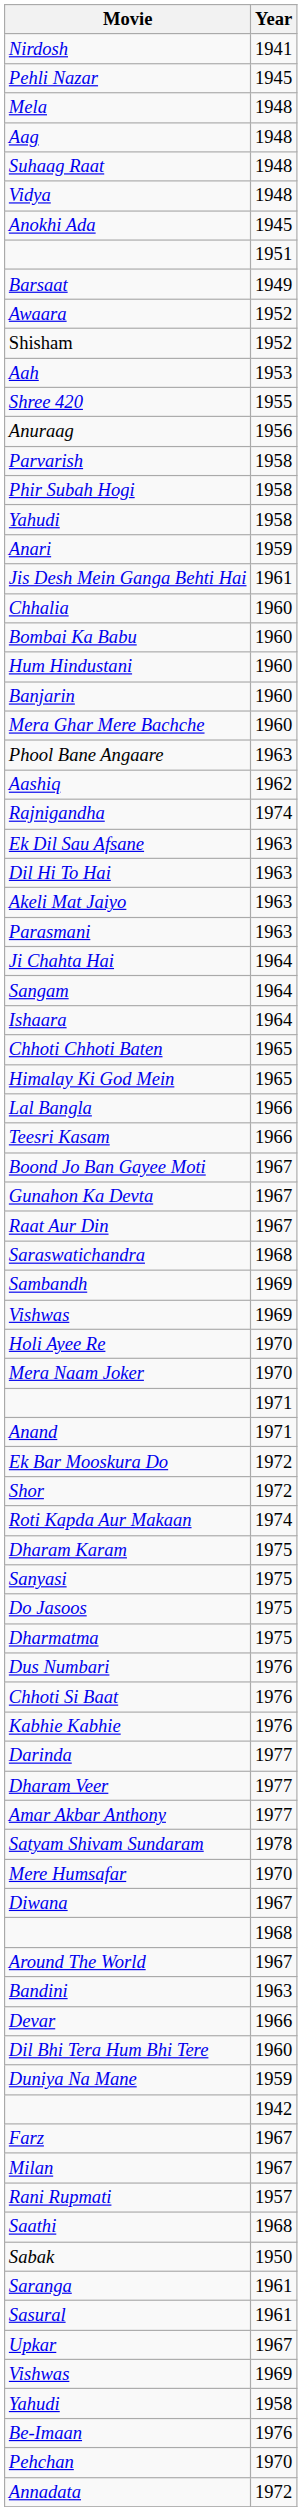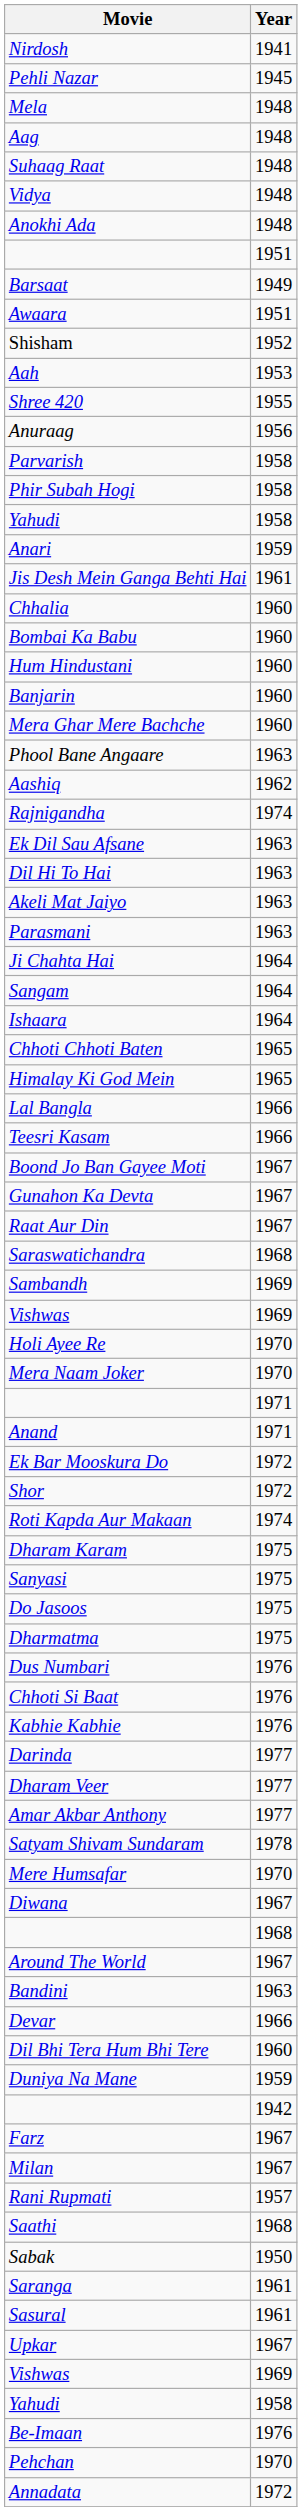 <table class="wikitable sortable">
 <tr>
 <th>Movie</th>
 <th>Year</th>
 </tr>
 <tr>
 <td><em><a href='#'>Nirdosh</a></em></td>
 <td>1941</td>
 </tr>
 <tr>
 <td><em><a href='#'>Pehli Nazar</a></em></td>
 <td>1945</td>
 </tr>
 <tr>
 <td><em><a href='#'>Mela</a></em></td>
 <td>1948</td>
 </tr>
 <tr>
 <td><em><a href='#'>Aag</a></em></td>
 <td>1948</td>
 </tr>
 <tr>
 <td><em><a href='#'>Suhaag Raat</a></em></td>
 <td>1948</td>
 </tr>
 <tr>
 <td><em><a href='#'>Vidya</a></em></td>
 <td>1948</td>
 </tr>
 <tr>
 <td><em><a href='#'>Anokhi Ada</a></em></td>
-<td>1945</td>
+<td>1948</td>
 </tr>
 <tr>
 <td></td>
 <td>1951</td>
 </tr>
 <tr>
 <td><em><a href='#'>Barsaat</a></em></td>
 <td>1949</td>
 </tr>
 <tr>
 <td><em><a href='#'>Awaara</a></em></td>
-<td>1952</td>
+<td>1951</td>
 </tr>
 <tr>
 <td>Shisham</td>
 <td>1952</td>
 </tr>
 <tr>
 <td><em><a href='#'>Aah</a></em></td>
 <td>1953</td>
 </tr>
 <tr>
 <td><em><a href='#'>Shree 420</a></em></td>
 <td>1955</td>
 </tr>
 <tr>
 <td><em>Anuraag</em></td>
 <td>1956</td>
 </tr>
 <tr>
 <td><em><a href='#'>Parvarish</a></em></td>
 <td>1958</td>
 </tr>
 <tr>
 <td><em><a href='#'>Phir Subah Hogi</a></em></td>
 <td>1958</td>
 </tr>
 <tr>
 <td><em><a href='#'>Yahudi </a></em></td>
 <td>1958</td>
 </tr>
 <tr>
 <td><em><a href='#'>Anari</a></em></td>
 <td>1959</td>
 </tr>
 <tr>
 <td><em><a href='#'>Jis Desh Mein Ganga Behti Hai</a></em></td>
 <td>1961</td>
 </tr>
 <tr>
 <td><em><a href='#'>Chhalia</a></em></td>
 <td>1960</td>
 </tr>
 <tr>
 <td><em><a href='#'>Bombai Ka Babu</a></em></td>
 <td>1960</td>
 </tr>
 <tr>
 <td><em><a href='#'>Hum Hindustani</a></em></td>
 <td>1960</td>
 </tr>
 <tr>
 <td><em><a href='#'>Banjarin</a></em></td>
 <td>1960</td>
 </tr>
 <tr>
 <td><em><a href='#'>Mera Ghar Mere Bachche</a></em></td>
 <td>1960</td>
 </tr>
 <tr>
 <td><em>Phool Bane Angaare</em></td>
 <td>1963</td>
 </tr>
 <tr>
 <td><em><a href='#'>Aashiq</a></em></td>
 <td>1962</td>
 </tr>
 <tr>
 <td><em><a href='#'>Rajnigandha</a></em></td>
 <td>1974</td>
 </tr>
 <tr>
 <td><em><a href='#'>Ek Dil Sau Afsane</a></em></td>
 <td>1963</td>
 </tr>
 <tr>
 <td><em><a href='#'>Dil Hi To Hai</a></em></td>
 <td>1963</td>
 </tr>
 <tr>
 <td><em><a href='#'>Akeli Mat Jaiyo</a></em></td>
 <td>1963</td>
 </tr>
 <tr>
 <td><em><a href='#'>Parasmani</a></em></td>
 <td>1963</td>
 </tr>
 <tr>
 <td><em><a href='#'>Ji Chahta Hai</a></em></td>
 <td>1964</td>
 </tr>
 <tr>
 <td><em><a href='#'>Sangam</a></em></td>
 <td>1964</td>
 </tr>
 <tr>
 <td><em><a href='#'>Ishaara</a></em></td>
 <td>1964</td>
 </tr>
 <tr>
 <td><em><a href='#'>Chhoti Chhoti Baten</a></em></td>
 <td>1965</td>
 </tr>
 <tr>
 <td><em><a href='#'>Himalay Ki God Mein</a></em></td>
 <td>1965</td>
 </tr>
 <tr>
 <td><em><a href='#'>Lal Bangla</a></em></td>
 <td>1966</td>
 </tr>
 <tr>
 <td><em><a href='#'>Teesri Kasam</a></em></td>
 <td>1966</td>
 </tr>
 <tr>
 <td><em><a href='#'>Boond Jo Ban Gayee Moti</a></em></td>
 <td>1967</td>
 </tr>
 <tr>
 <td><em><a href='#'>Gunahon Ka Devta</a></em></td>
 <td>1967</td>
 </tr>
 <tr>
 <td><em><a href='#'>Raat Aur Din</a></em></td>
 <td>1967</td>
 </tr>
 <tr>
 <td><em><a href='#'>Saraswatichandra</a></em></td>
 <td>1968</td>
 </tr>
 <tr>
 <td><em><a href='#'>Sambandh</a></em></td>
 <td>1969</td>
 </tr>
 <tr>
 <td><em><a href='#'>Vishwas</a></em></td>
 <td>1969</td>
 </tr>
 <tr>
 <td><em><a href='#'>Holi Ayee Re</a></em></td>
 <td>1970</td>
 </tr>
 <tr>
 <td><em><a href='#'>Mera Naam Joker</a></em></td>
 <td>1970</td>
 </tr>
 <tr>
 <td></td>
 <td>1971</td>
 </tr>
 <tr>
 <td><em><a href='#'>Anand</a></em></td>
 <td>1971</td>
 </tr>
 <tr>
 <td><em><a href='#'>Ek Bar Mooskura Do</a></em></td>
 <td>1972</td>
 </tr>
 <tr>
 <td><em><a href='#'>Shor</a></em></td>
 <td>1972</td>
 </tr>
 <tr>
 <td><em><a href='#'>Roti Kapda Aur Makaan</a></em></td>
 <td>1974</td>
 </tr>
 <tr>
 <td><em><a href='#'>Dharam Karam</a></em></td>
 <td>1975</td>
 </tr>
 <tr>
 <td><em><a href='#'>Sanyasi</a></em></td>
 <td>1975</td>
 </tr>
 <tr>
 <td><em><a href='#'>Do Jasoos</a></em></td>
 <td>1975</td>
 </tr>
 <tr>
 <td><em><a href='#'>Dharmatma</a></em></td>
 <td>1975</td>
 </tr>
 <tr>
 <td><em><a href='#'>Dus Numbari</a></em></td>
 <td>1976</td>
 </tr>
 <tr>
 <td><em><a href='#'>Chhoti Si Baat</a></em></td>
 <td>1976</td>
 </tr>
 <tr>
 <td><em><a href='#'>Kabhie Kabhie</a></em></td>
 <td>1976</td>
 </tr>
 <tr>
 <td><em><a href='#'>Darinda</a></em></td>
 <td>1977</td>
 </tr>
 <tr>
 <td><em><a href='#'>Dharam Veer</a></em></td>
 <td>1977</td>
 </tr>
 <tr>
 <td><em><a href='#'>Amar Akbar Anthony</a></em></td>
 <td>1977</td>
 </tr>
 <tr>
 <td><em><a href='#'>Satyam Shivam Sundaram</a></em></td>
 <td>1978</td>
 </tr>
 <tr>
 <td><em><a href='#'>Mere Humsafar</a></em></td>
 <td>1970</td>
 </tr>
 <tr>
 <td><em><a href='#'>Diwana</a></em></td>
 <td>1967</td>
 </tr>
 <tr>
 <td></td>
 <td>1968</td>
 </tr>
 <tr>
 <td><em><a href='#'>Around The World</a></em></td>
 <td>1967</td>
 </tr>
 <tr>
 <td><em><a href='#'>Bandini</a></em></td>
 <td>1963</td>
 </tr>
 <tr>
 <td><em><a href='#'>Devar</a></em></td>
 <td>1966</td>
 </tr>
 <tr>
 <td><em><a href='#'>Dil Bhi Tera Hum Bhi Tere</a></em></td>
 <td>1960</td>
 </tr>
 <tr>
 <td><em><a href='#'>Duniya Na Mane</a></em></td>
 <td>1959</td>
 </tr>
 <tr>
 <td></td>
 <td>1942</td>
 </tr>
 <tr>
 <td><em><a href='#'>Farz</a></em></td>
 <td>1967</td>
 </tr>
 <tr>
 <td><em><a href='#'>Milan</a></em></td>
 <td>1967</td>
 </tr>
 <tr>
 <td><em><a href='#'>Rani Rupmati</a></em></td>
 <td>1957</td>
 </tr>
 <tr>
 <td><em><a href='#'>Saathi</a></em></td>
 <td>1968</td>
 </tr>
 <tr>
 <td><em>Sabak</em></td>
 <td>1950</td>
 </tr>
 <tr>
 <td><em><a href='#'>Saranga</a></em></td>
 <td>1961</td>
 </tr>
 <tr>
 <td><em><a href='#'>Sasural</a></em></td>
 <td>1961</td>
 </tr>
 <tr>
 <td><em><a href='#'>Upkar</a></em></td>
 <td>1967</td>
 </tr>
 <tr>
 <td><em><a href='#'>Vishwas</a></em></td>
 <td>1969</td>
 </tr>
 <tr>
 <td><em><a href='#'>Yahudi</a></em></td>
 <td>1958</td>
 </tr>
 <tr>
 <td><em><a href='#'>Be-Imaan</a></em></td>
 <td>1976</td>
 </tr>
 <tr>
 <td><em><a href='#'>Pehchan</a></em></td>
 <td>1970</td>
 </tr>
 <tr>
 <td><em><a href='#'>Annadata</a></em></td>
 <td>1972</td>
 </tr>
 </table>
